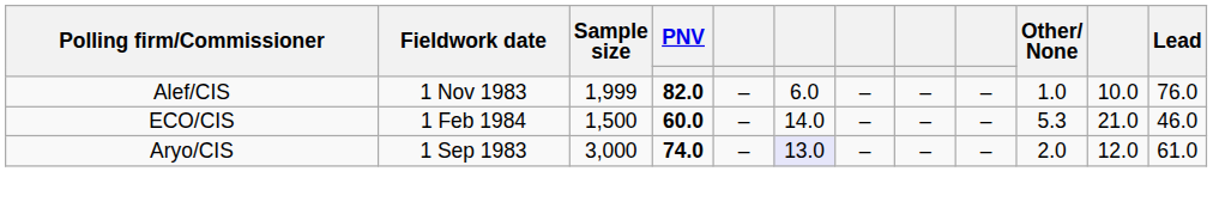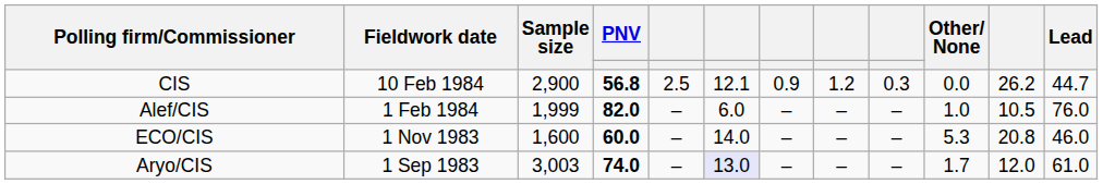 <table class="wikitable collapsible collapsed" style="text-align:center; font-size:90%; line-height:14px;">
 <tr style="height:42px;">
 <th style="width:250px;" rowspan="2">Polling firm/Commissioner</th>
 <th style="width:125px;" rowspan="2">Fieldwork date</th>
 <th style="width:50px;" rowspan="2">Sample size</th>
 <th style="width:35px;"><a href='#'>PNV</a></th>
 <th style="width:35px;"></th>
 <th style="width:35px;"></th>
 <th style="width:35px;"></th>
 <th style="width:35px;"></th>
 <th style="width:35px;"></th>
 <th style="width:35px;" rowspan="2">Other/<br>None</th>
 <th style="width:35px;" rowspan="2"></th>
 <th style="width:30px;" rowspan="2">Lead</th>
 </tr>
 <tr>
 <th style="color:inherit;background:"></th>
 <th style="color:inherit;background:"></th>
 <th style="color:inherit;background:"></th>
 <th style="color:inherit;background:"></th>
 <th style="color:inherit;background:"></th>
 <th style="color:inherit;background:"></th>
 </tr>
 <tr>
+<td>CIS</td>
+<td>10 Feb 1984</td>
+<td>2,900</td>
+<td><strong>56.8</strong></td>
+<td>2.5</td>
+<td>12.1</td>
+<td>0.9</td>
+<td>1.2</td>
+<td>0.3</td>
+<td>0.0</td>
+<td>26.2</td>
+<td style="background:">44.7</td>
+</tr>
+<tr>
 <td>Alef/CIS</td>
-<td>1 Nov 1983</td>
+<td>1 Feb 1984</td>
 <td>1,999</td>
 <td><strong>82.0</strong></td>
 <td>–</td>
 <td>6.0</td>
 <td>–</td>
 <td>–</td>
 <td>–</td>
 <td>1.0</td>
-<td>10.0</td>
+<td>10.5</td>
 <td style="background:">76.0</td>
 </tr>
 <tr>
 <td>ECO/CIS</td>
-<td>1 Feb 1984</td>
-<td>1,500</td>
+<td>1 Nov 1983</td>
+<td>1,600</td>
 <td><strong>60.0</strong></td>
 <td>–</td>
 <td>14.0</td>
 <td>–</td>
 <td>–</td>
 <td>–</td>
 <td>5.3</td>
-<td>21.0</td>
+<td>20.8</td>
 <td style="background:">46.0</td>
 </tr>
 <tr>
 <td>Aryo/CIS</td>
 <td>1 Sep 1983</td>
-<td>3,000</td>
+<td>3,003</td>
 <td><strong>74.0</strong></td>
 <td>–</td>
 <td style="background: lavender;">13.0</td>
 <td>–</td>
 <td>–</td>
 <td>–</td>
-<td>2.0</td>
+<td>1.7</td>
 <td>12.0</td>
 <td style="background:">61.0</td>
 </tr>
 </table>
